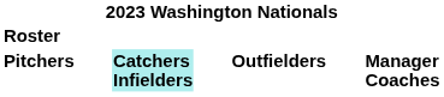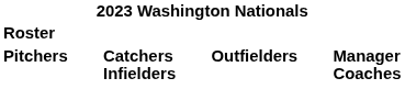 <table class="toccolours" style="font-size: 95%;">
 <tr>
 <th colspan="10">2023 Washington Nationals</th>
 </tr>
 <tr>
 <td colspan="10"><strong>Roster</strong></td>
 </tr>
 <tr>
 <td valign="top"><strong>Pitchers</strong><br>                         </td>
 <td width="25px"></td>
-<td valign="top" style="background: paleturquoise;"><strong>Catchers</strong><br>   <strong>Infielders</strong>          </td>
+<td valign="top"><strong>Catchers</strong><br>   <strong>Infielders</strong>          </td>
 <td width="25px"></td>
 <td valign="top"><strong>Outfielders</strong><br>        </td>
 <td width="25px"></td>
 <td valign="top"><strong>Manager</strong><br> <strong>Coaches</strong>                    </td>
 </tr>
 <tr>
 </tr>
 </table>
